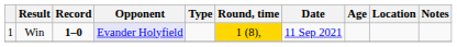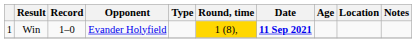 <table class="wikitable" style="text-align:center">
 <tr>
 <th></th>
 <th>Result</th>
 <th>Record</th>
 <th>Opponent</th>
 <th>Type</th>
 <th>Round, time</th>
 <th>Date</th>
 <th>Age</th>
 <th>Location</th>
 <th>Notes</th>
 </tr>
 <tr>
 <td>1</td>
 <td>Win</td>
-<td><strong>1–0</strong></td>
-<td align=left style="background: lavender;"><a href='#'>Evander Holyfield</a></td>
+<td>1–0</td>
+<td align=left><a href='#'>Evander Holyfield</a></td>
 <td></td>
 <td style="background: gold;">1 (8), </td>
-<td><a href='#'>11 Sep 2021</a></td>
+<td><strong><a href='#'>11 Sep 2021</a></strong></td>
 <td></td>
 <td style="text-align:left;"></td>
 <td></td>
 </tr>
 <tr>
 </tr>
 </table>
